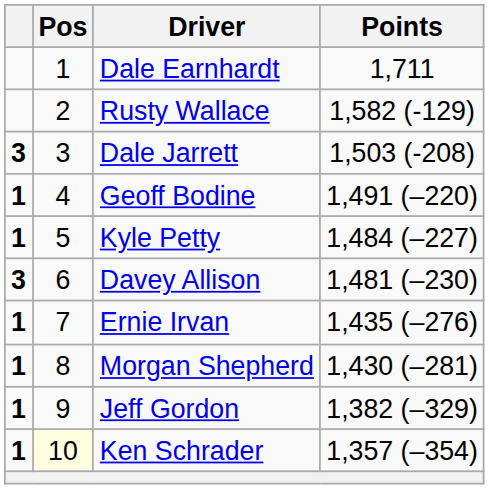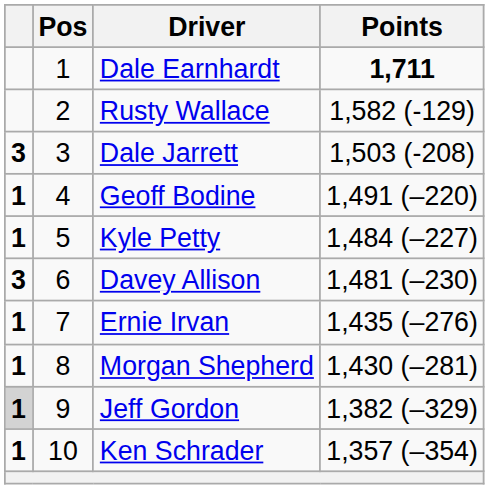 <table class="wikitable" style="font-size: 95%;">
 <tr>
 <th></th>
 <th>Pos</th>
 <th>Driver</th>
 <th>Points</th>
 </tr>
 <tr>
 <td align="left"></td>
 <td style="text-align:center;">1</td>
 <td><a href='#'>Dale Earnhardt</a></td>
-<td style="text-align:center;">1,711</td>
+<td style="text-align:center;"><strong>1,711</strong></td>
 </tr>
 <tr>
 <td align="left"></td>
 <td style="text-align:center;">2</td>
 <td><a href='#'>Rusty Wallace</a></td>
 <td style="text-align:center;">1,582 (-129)</td>
 </tr>
 <tr>
 <td align="left"> <strong>3</strong></td>
 <td style="text-align:center;">3</td>
 <td><a href='#'>Dale Jarrett</a></td>
 <td style="text-align:center;">1,503 (-208)</td>
 </tr>
 <tr>
 <td align="left"> <strong>1</strong></td>
 <td style="text-align:center;">4</td>
 <td><a href='#'>Geoff Bodine</a></td>
 <td style="text-align:center;">1,491 (–220)</td>
 </tr>
 <tr>
 <td align="left"> <strong>1</strong></td>
 <td style="text-align:center;">5</td>
 <td><a href='#'>Kyle Petty</a></td>
 <td style="text-align:center;">1,484 (–227)</td>
 </tr>
 <tr>
 <td align="left"> <strong>3</strong></td>
 <td style="text-align:center;">6</td>
 <td><a href='#'>Davey Allison</a></td>
 <td style="text-align:center;">1,481 (–230)</td>
 </tr>
 <tr>
 <td align="left"> <strong>1</strong></td>
 <td style="text-align:center;">7</td>
 <td><a href='#'>Ernie Irvan</a></td>
 <td style="text-align:center;">1,435 (–276)</td>
 </tr>
 <tr>
 <td align="left"> <strong>1</strong></td>
 <td style="text-align:center;">8</td>
 <td><a href='#'>Morgan Shepherd</a></td>
 <td style="text-align:center;">1,430 (–281)</td>
 </tr>
 <tr>
-<td align="left"> <strong>1</strong></td>
+<td align="left" style="background: lightgrey;"> <strong>1</strong></td>
 <td style="text-align:center;">9</td>
 <td><a href='#'>Jeff Gordon</a></td>
 <td style="text-align:center;">1,382 (–329)</td>
 </tr>
 <tr>
 <td align="left"> <strong>1</strong></td>
-<td style="background: lightyellow; text-align:center;">10</td>
+<td style="text-align:center;">10</td>
 <td><a href='#'>Ken Schrader</a></td>
 <td style="text-align:center;">1,357 (–354)</td>
 </tr>
 <tr class="sortbottom">
 <th colspan="9"></th>
 </tr>
 </table>
